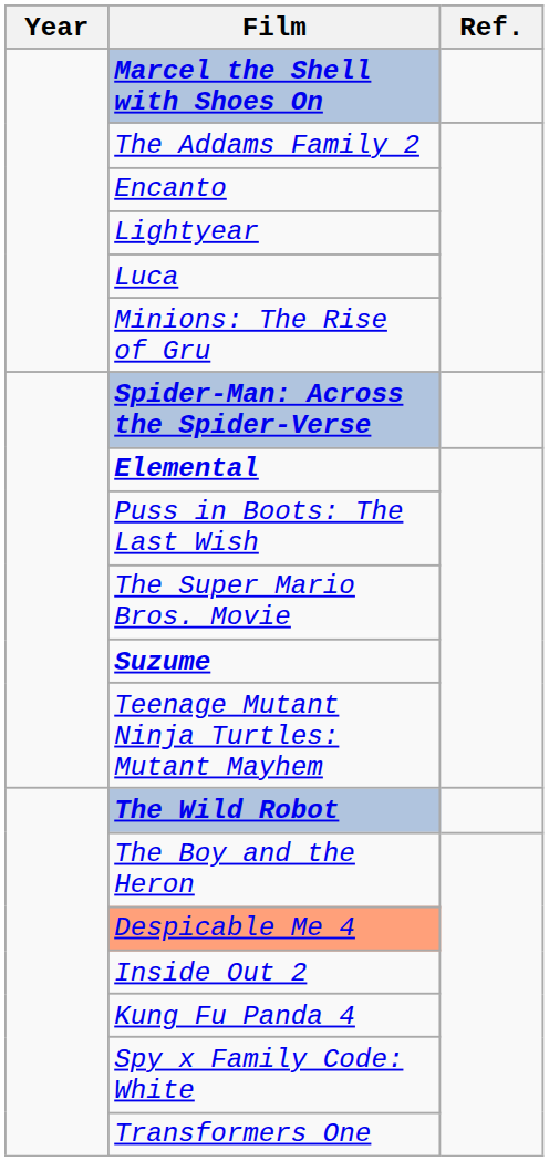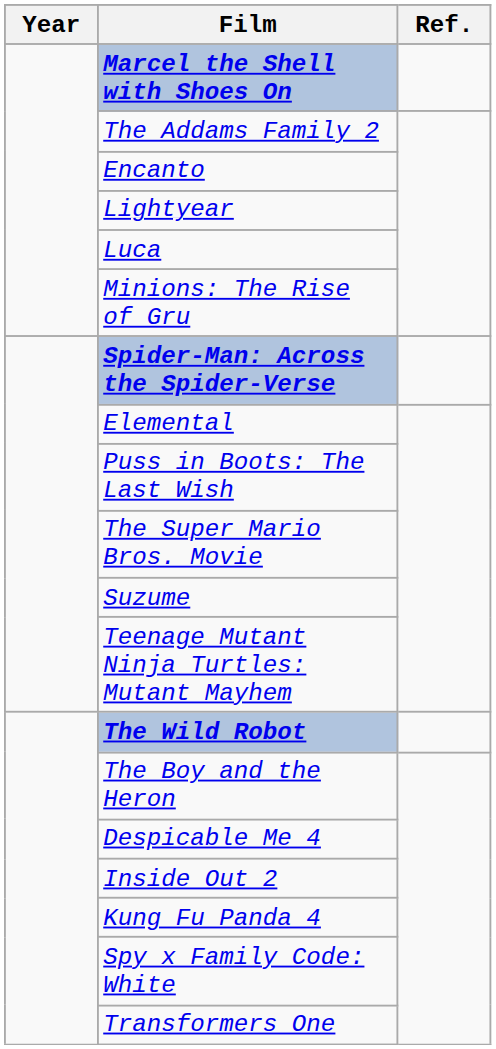 <table class="wikitable" border="1" width="42%">
 <tr>
 <th width=7%>Year</th>
 <th width=35%>Film</th>
 <th width=7%>Ref.</th>
 </tr>
 <tr>
 <td rowspan=6></td>
 <td style="background:#B0C4DE;"><strong><em><a href='#'>Marcel the Shell with Shoes On</a></em></strong></td>
 <td></td>
 </tr>
 <tr>
 <td><em><a href='#'>The Addams Family 2</a></em></td>
 </tr>
 <tr>
 <td><em><a href='#'>Encanto</a></em></td>
 </tr>
 <tr>
 <td><em><a href='#'>Lightyear</a></em></td>
 </tr>
 <tr>
 <td><em><a href='#'>Luca</a></em></td>
 </tr>
 <tr>
 <td><em><a href='#'>Minions: The Rise of Gru</a></em></td>
 </tr>
 <tr>
 <td rowspan=6></td>
 <td style="background:#B0C4DE;"><strong><em><a href='#'>Spider-Man: Across the Spider-Verse</a></em></strong></td>
 <td></td>
 </tr>
 <tr>
-<td><strong><em><a href='#'>Elemental</a></em></strong></td>
+<td><em><a href='#'>Elemental</a></em></td>
 </tr>
 <tr>
 <td><em><a href='#'>Puss in Boots: The Last Wish</a></em></td>
 </tr>
 <tr>
 <td><em><a href='#'>The Super Mario Bros. Movie</a></em></td>
 </tr>
 <tr>
-<td><strong><em><a href='#'>Suzume</a></em></strong></td>
+<td><em><a href='#'>Suzume</a></em></td>
 </tr>
 <tr>
 <td><em><a href='#'>Teenage Mutant Ninja Turtles: Mutant Mayhem</a></em></td>
 </tr>
 <tr>
 <td rowspan="8"></td>
 <td style="background:#B0C4DE;"><strong><em><a href='#'><strong>The Wild Robot</strong></a></em></strong></td>
 <td></td>
 </tr>
 <tr>
 <td><em><a href='#'>The Boy and the Heron</a></em></td>
 </tr>
 <tr>
-<td style="background: lightsalmon;"><em><a href='#'>Despicable Me 4</a></em></td>
+<td><em><a href='#'>Despicable Me 4</a></em></td>
 </tr>
 <tr>
 <td><em><a href='#'>Inside Out 2</a></em></td>
 </tr>
 <tr>
 <td><em><a href='#'>Kung Fu Panda 4</a></em></td>
 </tr>
 <tr>
 <td><em><a href='#'>Spy x Family Code: White</a></em></td>
 </tr>
 <tr>
 <td><em><a href='#'>Transformers One</a></em></td>
 </tr>
 <tr>
 </tr>
 </table>
